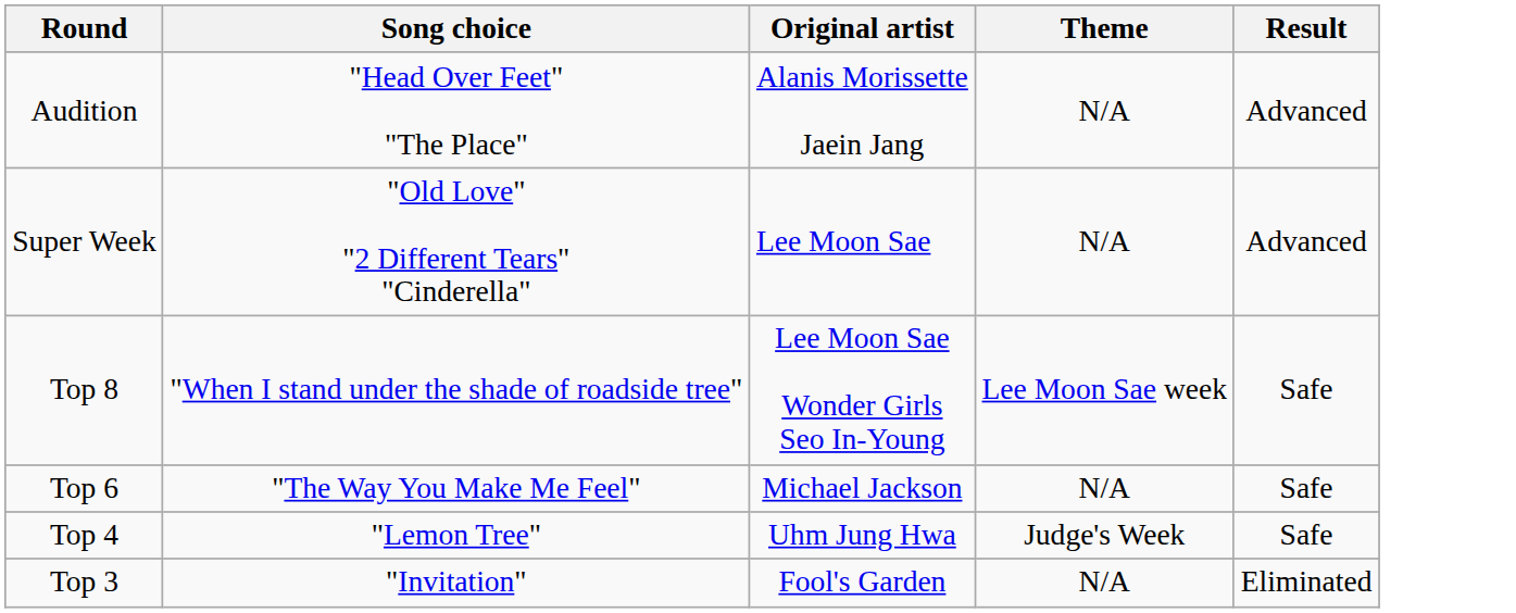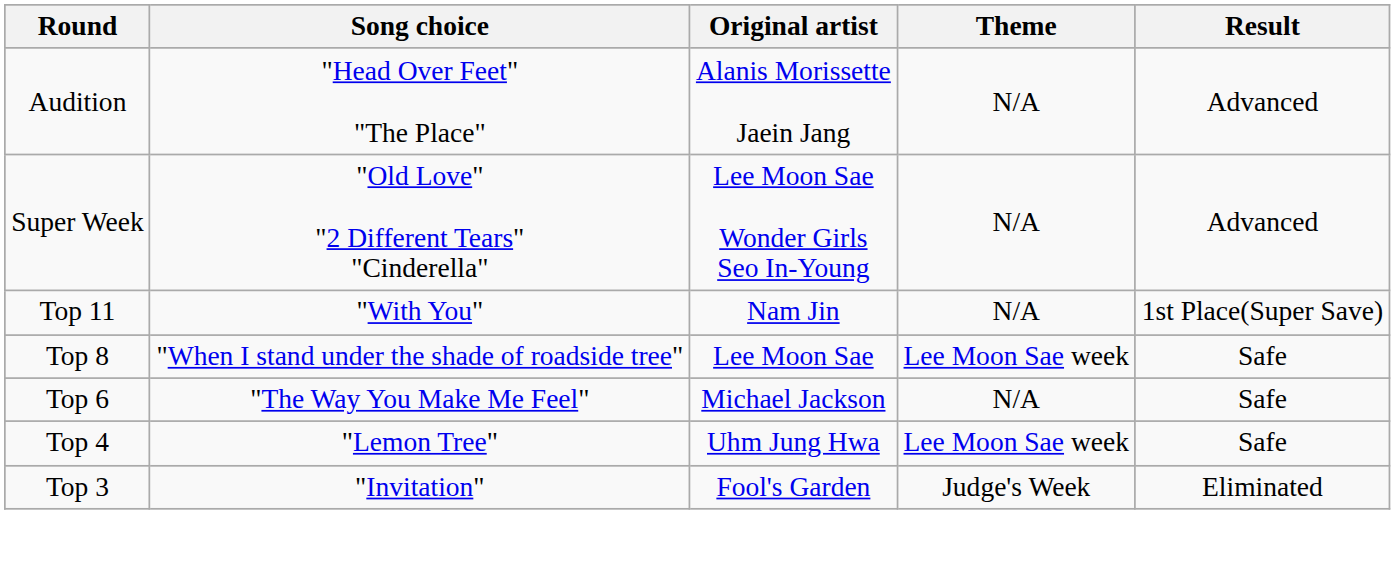 <table class="wikitable">
 <tr>
 <th>Round</th>
 <th>Song choice</th>
 <th>Original artist</th>
 <th>Theme</th>
 <th>Result</th>
 </tr>
 <tr>
 <td style="text-align:center;">Audition</td>
 <td style="text-align:center;">"<a href='#'>Head Over Feet</a>"<br><br>"The Place"</td>
 <td style="text-align:center;"><a href='#'>Alanis Morissette</a><br><br>Jaein Jang</td>
 <td style="text-align:center;">N/A</td>
 <td style="text-align:center;">Advanced</td>
 </tr>
 <tr>
 <td style="text-align:center;">Super Week</td>
 <td style="text-align:center;">"<a href='#'>Old Love</a>"<br><br>"<a href='#'>2 Different Tears</a>"<br> "Cinderella"</td>
-<td><a href='#'>Lee Moon Sae</a></td>
+<td style="text-align:center;"><a href='#'>Lee Moon Sae</a><br><br><a href='#'>Wonder Girls</a><br> <a href='#'>Seo In-Young</a></td>
 <td style="text-align:center;">N/A</td>
 <td style="text-align:center;">Advanced</td>
 </tr>
 <tr style="text-align:center;">
+<td>Top 11</td>
+<td>"<a href='#'>With You</a>"</td>
+<td><a href='#'>Nam Jin</a></td>
+<td>N/A</td>
+<td>1st Place(Super Save)</td>
+</tr>
+<tr style="text-align:center;">
 <td>Top 8</td>
 <td>"<a href='#'>When I stand under the shade of roadside tree</a>"</td>
-<td style="text-align:center;"><a href='#'>Lee Moon Sae</a><br><br><a href='#'>Wonder Girls</a><br> <a href='#'>Seo In-Young</a></td>
+<td><a href='#'>Lee Moon Sae</a></td>
 <td><a href='#'>Lee Moon Sae</a> week</td>
 <td>Safe</td>
 </tr>
 <tr style="text-align:center;">
 <td>Top 6</td>
 <td>"<a href='#'>The Way You Make Me Feel</a>"</td>
 <td><a href='#'>Michael Jackson</a></td>
 <td>N/A</td>
 <td>Safe</td>
 </tr>
 <tr style="text-align:center;">
 <td>Top 4</td>
 <td>"<a href='#'>Lemon Tree</a>"</td>
 <td><a href='#'>Uhm Jung Hwa</a></td>
-<td>Judge's Week</td>
+<td><a href='#'>Lee Moon Sae</a> week</td>
 <td>Safe</td>
 </tr>
 <tr style="text-align:center;">
 <td>Top 3</td>
 <td>"<a href='#'>Invitation</a>"</td>
 <td><a href='#'>Fool's Garden</a></td>
-<td>N/A</td>
+<td>Judge's Week</td>
 <td>Eliminated</td>
 </tr>
 </table>
